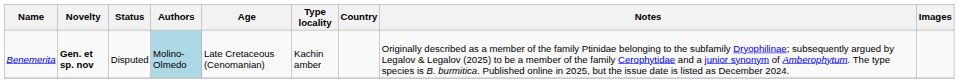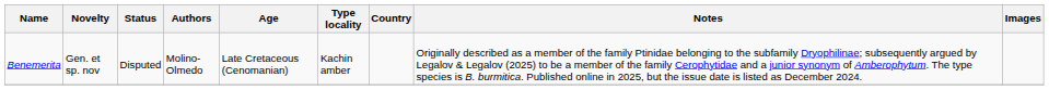 <table class="wikitable sortable" align="center" width="100%">
 <tr>
 <th>Name</th>
 <th>Novelty</th>
 <th>Status</th>
 <th>Authors</th>
 <th>Age</th>
 <th>Type locality</th>
 <th>Country</th>
 <th>Notes</th>
 <th>Images</th>
 </tr>
 <tr>
 <td><br><em><a href='#'>Benemerita</a></em></td>
-<td><strong><br>Gen. et sp. nov</strong></td>
+<td><br>Gen. et sp. nov</td>
 <td><br>Disputed</td>
-<td style="background: lightblue;"><br>Molino-Olmedo</td>
+<td><br>Molino-Olmedo</td>
 <td><br>Late Cretaceous (Cenomanian)</td>
 <td><br>Kachin amber</td>
 <td><br></td>
 <td><br>Originally described as a member of the family Ptinidae belonging to the subfamily <a href='#'>Dryophilinae</a>; subsequently argued by Legalov & Legalov (2025) to be a member of the family <a href='#'>Cerophytidae</a> and a <a href='#'>junior synonym</a> of <em><a href='#'>Amberophytum</a></em>. The type species is <em>B. burmitica</em>. Published online in 2025, but the issue date is listed as December 2024.</td>
 <td></td>
 </tr>
 <tr>
 </tr>
 </table>
